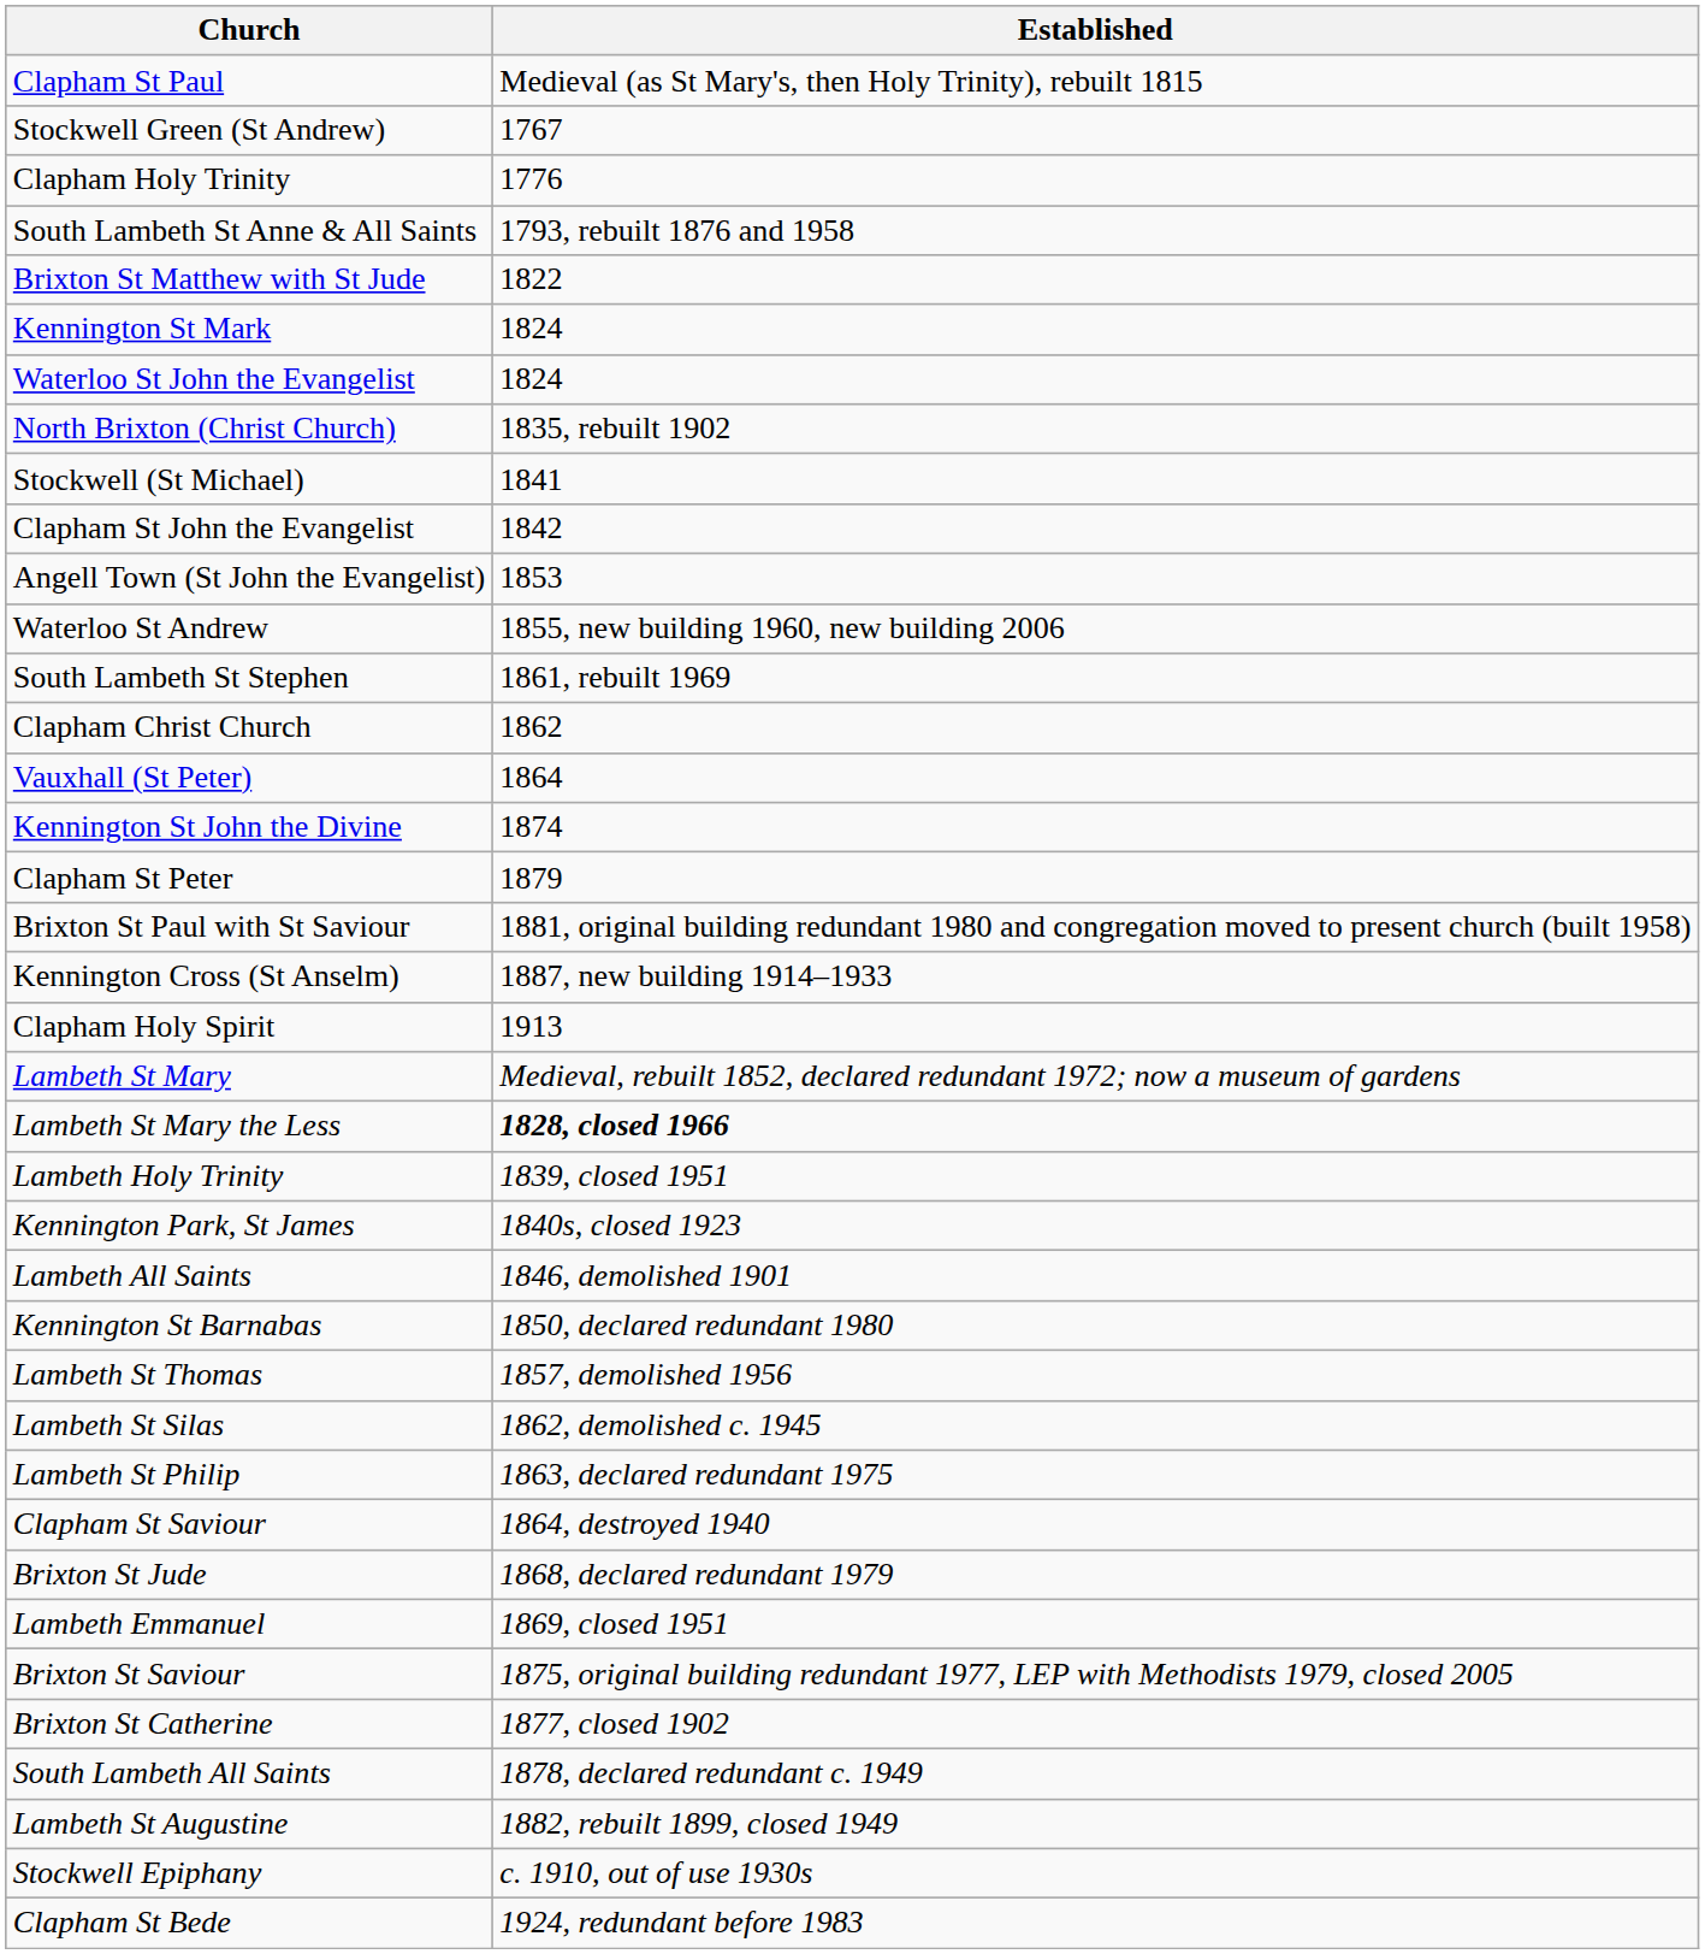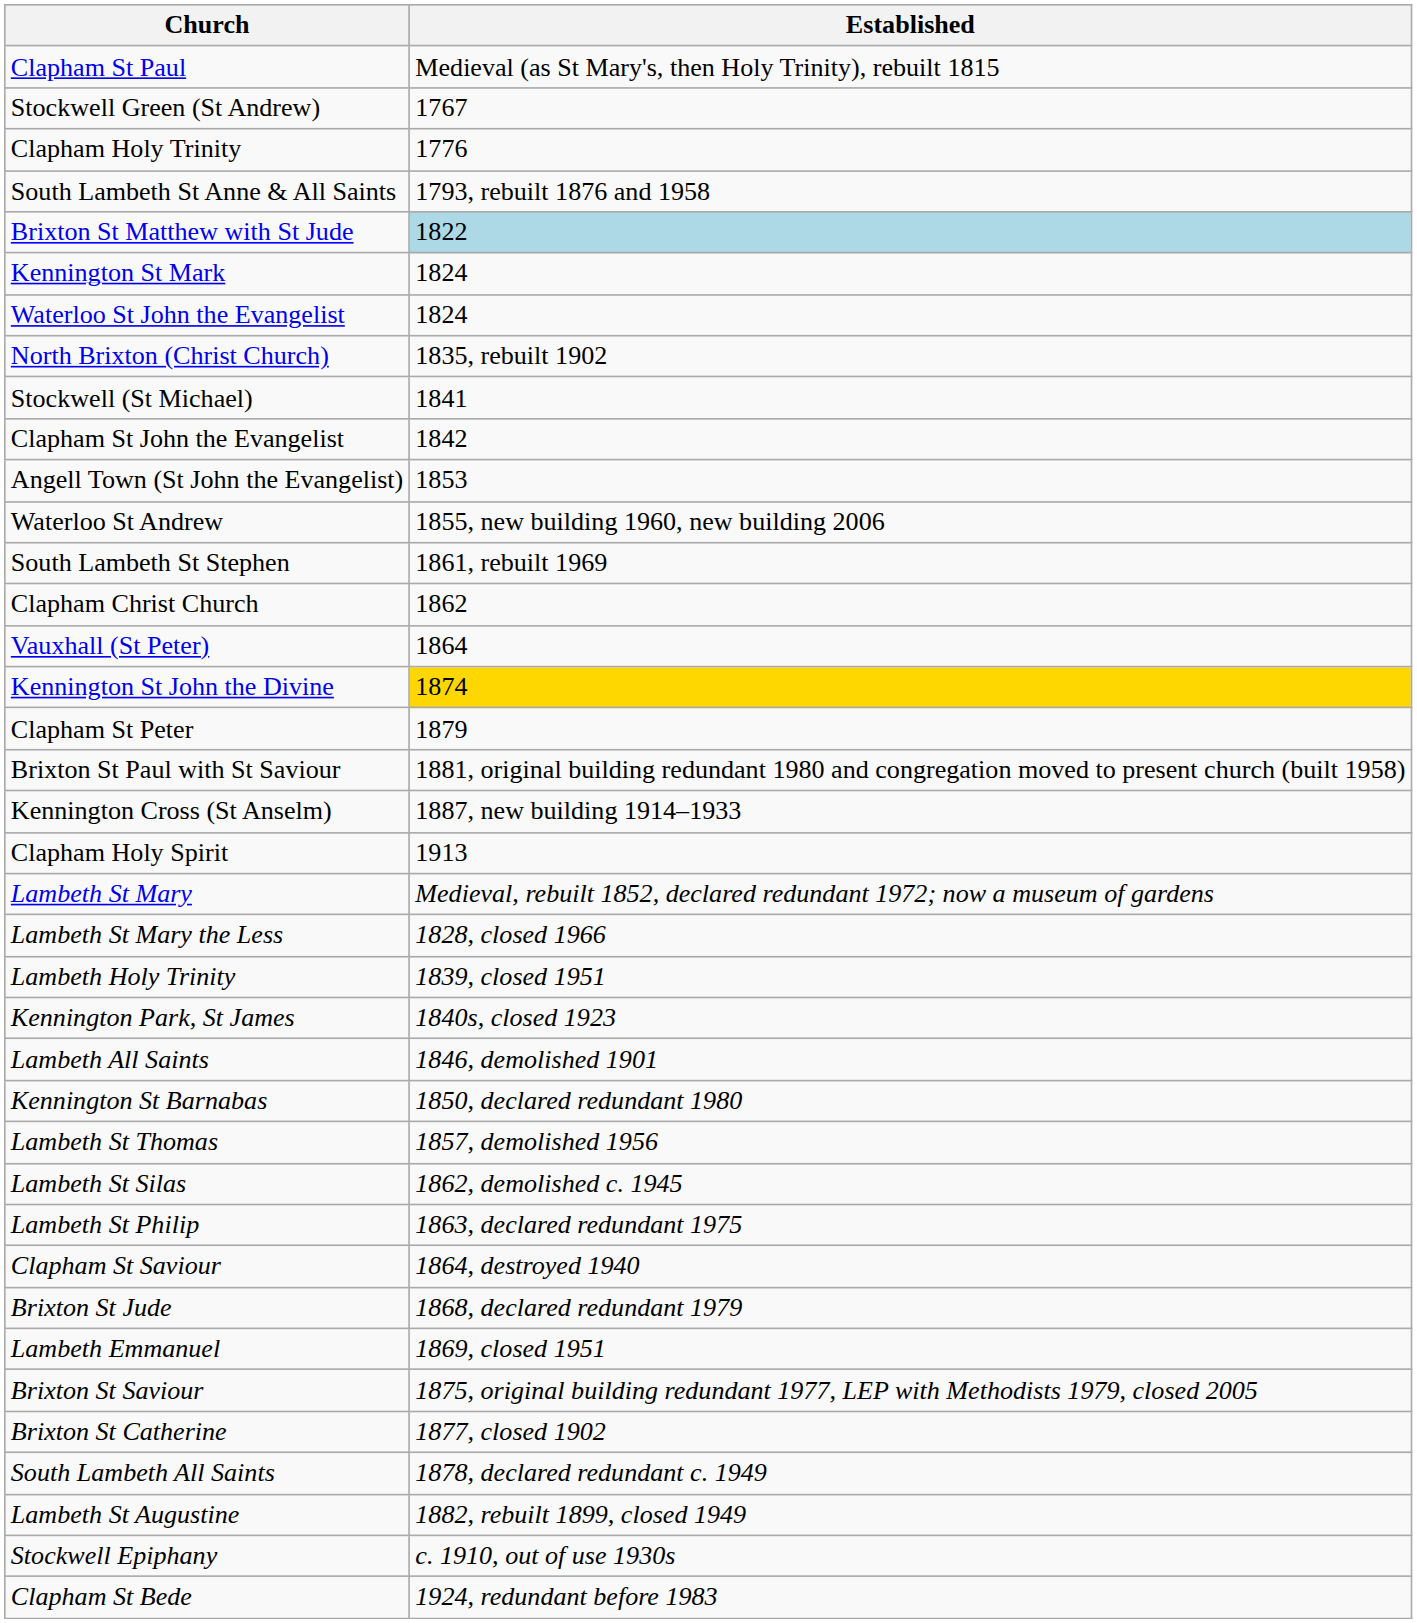 <table class="wikitable">
 <tr>
 <th>Church</th>
 <th>Established</th>
 </tr>
 <tr>
 <td><a href='#'>Clapham St Paul</a></td>
 <td>Medieval (as St Mary's, then Holy Trinity), rebuilt 1815</td>
 </tr>
 <tr>
 <td>Stockwell Green (St Andrew)</td>
 <td>1767</td>
 </tr>
 <tr>
 <td>Clapham Holy Trinity</td>
 <td>1776</td>
 </tr>
 <tr>
 <td>South Lambeth St Anne & All Saints</td>
 <td>1793, rebuilt 1876 and 1958</td>
 </tr>
 <tr>
 <td><a href='#'>Brixton St Matthew with St Jude</a></td>
-<td>1822</td>
+<td style="background: lightblue;">1822</td>
 </tr>
 <tr>
 <td><a href='#'>Kennington St Mark</a></td>
 <td>1824</td>
 </tr>
 <tr>
 <td><a href='#'>Waterloo St John the Evangelist</a></td>
 <td>1824</td>
 </tr>
 <tr>
 <td><a href='#'>North Brixton (Christ Church)</a></td>
 <td>1835, rebuilt 1902</td>
 </tr>
 <tr>
 <td>Stockwell (St Michael)</td>
 <td>1841</td>
 </tr>
 <tr>
 <td>Clapham St John the Evangelist</td>
 <td>1842</td>
 </tr>
 <tr>
 <td>Angell Town (St John the Evangelist)</td>
 <td>1853</td>
 </tr>
 <tr>
 <td>Waterloo St Andrew</td>
 <td>1855, new building 1960, new building 2006</td>
 </tr>
 <tr>
 <td>South Lambeth St Stephen</td>
 <td>1861, rebuilt 1969</td>
 </tr>
 <tr>
 <td>Clapham Christ Church</td>
 <td>1862</td>
 </tr>
 <tr>
 <td><a href='#'>Vauxhall (St Peter)</a></td>
 <td>1864</td>
 </tr>
 <tr>
 <td><a href='#'>Kennington St John the Divine</a></td>
-<td>1874</td>
+<td style="background: gold;">1874</td>
 </tr>
 <tr>
 <td>Clapham St Peter</td>
 <td>1879</td>
 </tr>
 <tr>
 <td>Brixton St Paul with St Saviour</td>
 <td>1881, original building redundant 1980 and congregation moved to present church (built 1958)</td>
 </tr>
 <tr>
 <td>Kennington Cross (St Anselm)</td>
 <td>1887, new building 1914–1933</td>
 </tr>
 <tr>
 <td>Clapham Holy Spirit</td>
 <td>1913</td>
 </tr>
 <tr>
 <td><em><a href='#'>Lambeth St Mary</a></em></td>
 <td><em>Medieval, rebuilt 1852, declared redundant 1972; now a museum of gardens</em></td>
 </tr>
 <tr>
 <td><em>Lambeth St Mary the Less</em></td>
-<td><strong><em>1828, closed 1966</em></strong></td>
+<td><em>1828, closed 1966</em></td>
 </tr>
 <tr>
 <td><em>Lambeth Holy Trinity</em></td>
 <td><em>1839, closed 1951</em></td>
 </tr>
 <tr>
 <td><em>Kennington Park, St James</em></td>
 <td><em>1840s, closed 1923</em></td>
 </tr>
 <tr>
 <td><em>Lambeth All Saints</em></td>
 <td><em>1846, demolished 1901</em></td>
 </tr>
 <tr>
 <td><em>Kennington St Barnabas</em></td>
 <td><em>1850, declared redundant 1980</em></td>
 </tr>
 <tr>
 <td><em>Lambeth St Thomas</em></td>
 <td><em>1857, demolished 1956</em></td>
 </tr>
 <tr>
 <td><em>Lambeth St Silas</em></td>
 <td><em>1862, demolished c. 1945</em></td>
 </tr>
 <tr>
 <td><em>Lambeth St Philip</em></td>
 <td><em>1863, declared redundant 1975</em></td>
 </tr>
 <tr>
 <td><em>Clapham St Saviour</em></td>
 <td><em>1864, destroyed 1940</em></td>
 </tr>
 <tr>
 <td><em>Brixton St Jude</em></td>
 <td><em>1868, declared redundant 1979</em></td>
 </tr>
 <tr>
 <td><em>Lambeth Emmanuel</em></td>
 <td><em>1869, closed 1951</em></td>
 </tr>
 <tr>
 <td><em>Brixton St Saviour</em></td>
 <td><em>1875, original building redundant 1977, LEP with Methodists 1979, closed 2005</em></td>
 </tr>
 <tr>
 <td><em>Brixton St Catherine</em></td>
 <td><em>1877, closed 1902</em></td>
 </tr>
 <tr>
 <td><em>South Lambeth All Saints</em></td>
 <td><em>1878, declared redundant c. 1949</em></td>
 </tr>
 <tr>
 <td><em>Lambeth St Augustine</em></td>
 <td><em>1882, rebuilt 1899, closed 1949</em></td>
 </tr>
 <tr>
 <td><em>Stockwell Epiphany</em></td>
 <td><em>c. 1910, out of use 1930s</em></td>
 </tr>
 <tr>
 <td><em>Clapham St Bede</em></td>
 <td><em>1924, redundant before 1983</em></td>
 </tr>
 </table>
